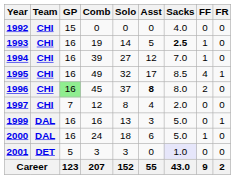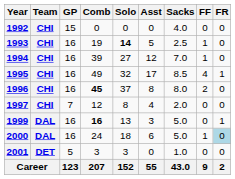 <table class="wikitable" style="text-align: center;">
 <tr>
 <th>Year</th>
 <th>Team</th>
 <th>GP</th>
 <th>Comb</th>
 <th>Solo</th>
 <th>Asst</th>
 <th>Sacks</th>
 <th>FF</th>
 <th>FR</th>
 </tr>
 <tr>
 <th><a href='#'>1992</a></th>
 <th><a href='#'>CHI</a></th>
 <td>15</td>
 <td>0</td>
 <td>0</td>
 <td>0</td>
 <td>4.0</td>
 <td>0</td>
 <td>0</td>
 </tr>
 <tr>
 <th><a href='#'>1993</a></th>
 <th><a href='#'>CHI</a></th>
 <td>16</td>
 <td>19</td>
-<td>14</td>
+<td><strong>14</strong></td>
 <td>5</td>
-<td><strong>2.5</strong></td>
+<td>2.5</td>
 <td>1</td>
 <td>0</td>
 </tr>
 <tr>
 <th><a href='#'>1994</a></th>
 <th><a href='#'>CHI</a></th>
 <td>16</td>
 <td>39</td>
 <td>27</td>
 <td>12</td>
 <td>7.0</td>
 <td>1</td>
 <td>0</td>
 </tr>
 <tr>
 <th><a href='#'>1995</a></th>
 <th><a href='#'>CHI</a></th>
 <td>16</td>
 <td>49</td>
 <td>32</td>
 <td>17</td>
 <td>8.5</td>
 <td>4</td>
 <td>1</td>
 </tr>
 <tr>
 <th><a href='#'>1996</a></th>
 <th><a href='#'>CHI</a></th>
-<td style="background: lightgreen;">16</td>
-<td>45</td>
+<td>16</td>
+<td><strong>45</strong></td>
 <td>37</td>
-<td><strong>8</strong></td>
+<td>8</td>
 <td>8.0</td>
 <td>2</td>
 <td>0</td>
 </tr>
 <tr>
 <th><a href='#'>1997</a></th>
 <th><a href='#'>CHI</a></th>
 <td>7</td>
 <td>12</td>
 <td>8</td>
 <td>4</td>
 <td>2.0</td>
 <td>0</td>
 <td>0</td>
 </tr>
 <tr>
 <th><a href='#'>1999</a></th>
 <th><a href='#'>DAL</a></th>
 <td>16</td>
-<td>16</td>
+<td><strong>16</strong></td>
 <td>13</td>
 <td>3</td>
 <td>5.0</td>
 <td>0</td>
 <td>1</td>
 </tr>
 <tr>
 <th><a href='#'>2000</a></th>
 <th><a href='#'>DAL</a></th>
 <td>16</td>
 <td>24</td>
 <td>18</td>
 <td>6</td>
 <td>5.0</td>
 <td>1</td>
-<td>0</td>
+<td style="background: lightblue;">0</td>
 </tr>
 <tr>
 <th><a href='#'>2001</a></th>
 <th><a href='#'>DET</a></th>
 <td>5</td>
 <td>3</td>
 <td>3</td>
 <td>0</td>
-<td style="background: lavender;">1.0</td>
+<td>1.0</td>
 <td>0</td>
 <td>0</td>
 </tr>
 <tr>
 <th colspan="2">Career</th>
 <th>123</th>
 <th>207</th>
 <th>152</th>
 <th>55</th>
 <th>43.0</th>
 <th>9</th>
 <th>2</th>
 </tr>
 </table>
